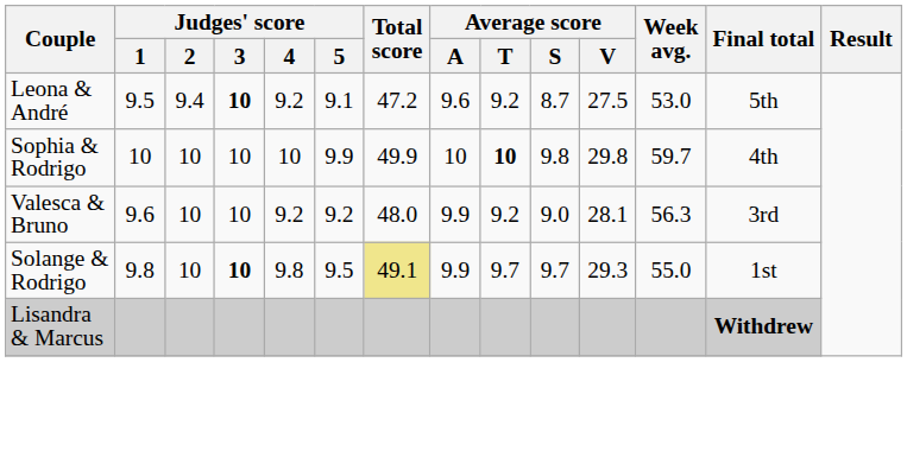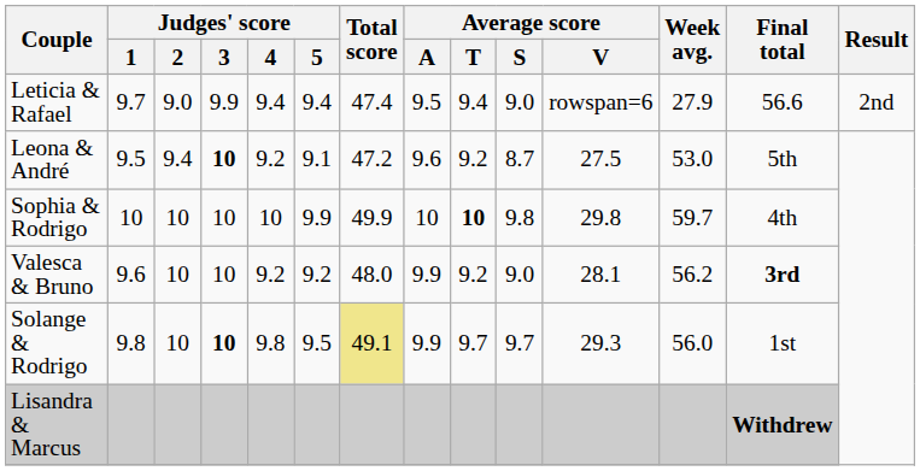 <table class="wikitable" style="font-size:100%; line-height:16px; text-align:center" width="100%">
 <tr>
 <th rowspan=2 style="width:11.0%;">Couple</th>
 <th colspan=5 style="width:25.0%;">Judges' score</th>
 <th rowspan=2 style="width:05.0%;">Total score</th>
 <th colspan=4 style="width:20.0%;">Average score</th>
 <th rowspan=2 style="width:05.0%;">Week avg.</th>
 <th rowspan=2 style="width:05.0%;">Final total</th>
 <th rowspan=2 style="width:07.5%;">Result</th>
 </tr>
 <tr>
 <th style="width:05.0%;">1</th>
 <th style="width:05.0%;">2</th>
 <th style="width:05.0%;">3</th>
 <th style="width:05.0%;">4</th>
 <th style="width:05.0%;">5</th>
 <th style="width:05.0%;">A</th>
 <th style="width:05.0%;">T</th>
 <th style="width:05.0%;">S</th>
 <th style="width:05.0%;">V</th>
+</tr>
+<tr>
+<td align="left">Leticia & Rafael</td>
+<td>9.7</td>
+<td>9.0</td>
+<td>9.9</td>
+<td>9.4</td>
+<td>9.4</td>
+<td>47.4</td>
+<td>9.5</td>
+<td>9.4</td>
+<td>9.0</td>
+<td>rowspan=6 </td>
+<td>27.9</td>
+<td>56.6</td>
+<td>2nd</td>
 </tr>
 <tr>
 <td align="left">Leona & André</td>
 <td>9.5</td>
 <td>9.4</td>
 <td><strong>10</strong></td>
 <td>9.2</td>
 <td>9.1</td>
 <td>47.2</td>
 <td>9.6</td>
 <td>9.2</td>
 <td>8.7</td>
 <td>27.5</td>
 <td>53.0</td>
 <td>5th</td>
 </tr>
 <tr>
 <td align="left">Sophia & Rodrigo</td>
 <td>10</td>
 <td>10</td>
 <td>10</td>
 <td>10</td>
 <td>9.9</td>
 <td>49.9</td>
 <td>10</td>
 <td><strong>10</strong></td>
 <td>9.8</td>
 <td>29.8</td>
 <td>59.7</td>
 <td>4th</td>
 </tr>
 <tr>
 <td align="left">Valesca & Bruno</td>
 <td>9.6</td>
 <td>10</td>
 <td>10</td>
 <td>9.2</td>
 <td>9.2</td>
 <td>48.0</td>
 <td>9.9</td>
 <td>9.2</td>
 <td>9.0</td>
 <td>28.1</td>
-<td>56.3</td>
-<td>3rd</td>
+<td>56.2</td>
+<td><strong>3rd</strong></td>
 </tr>
 <tr>
 <td align="left">Solange & Rodrigo</td>
 <td>9.8</td>
 <td>10</td>
 <td><strong>10</strong></td>
 <td>9.8</td>
 <td>9.5</td>
 <td style="background: khaki;">49.1</td>
 <td>9.9</td>
 <td>9.7</td>
 <td>9.7</td>
 <td>29.3</td>
-<td>55.0</td>
+<td>56.0</td>
 <td>1st</td>
 </tr>
 <tr bgcolor="CCCCCC">
 <td align="left">Lisandra & Marcus</td>
 <td></td>
 <td></td>
 <td></td>
 <td></td>
 <td></td>
 <td></td>
 <td></td>
 <td></td>
 <td></td>
 <td></td>
 <td></td>
 <td><strong>Withdrew</strong></td>
 </tr>
 <tr>
 </tr>
 </table>
